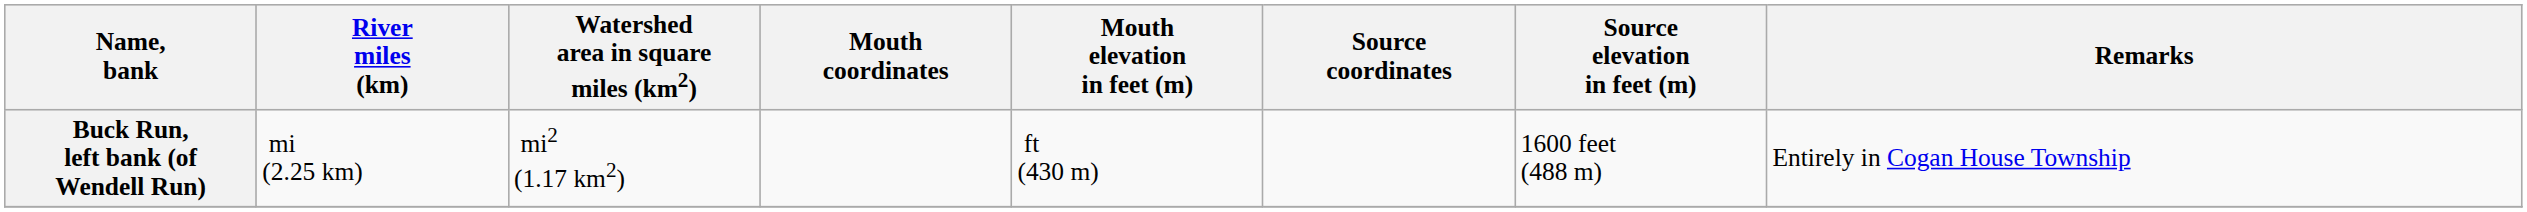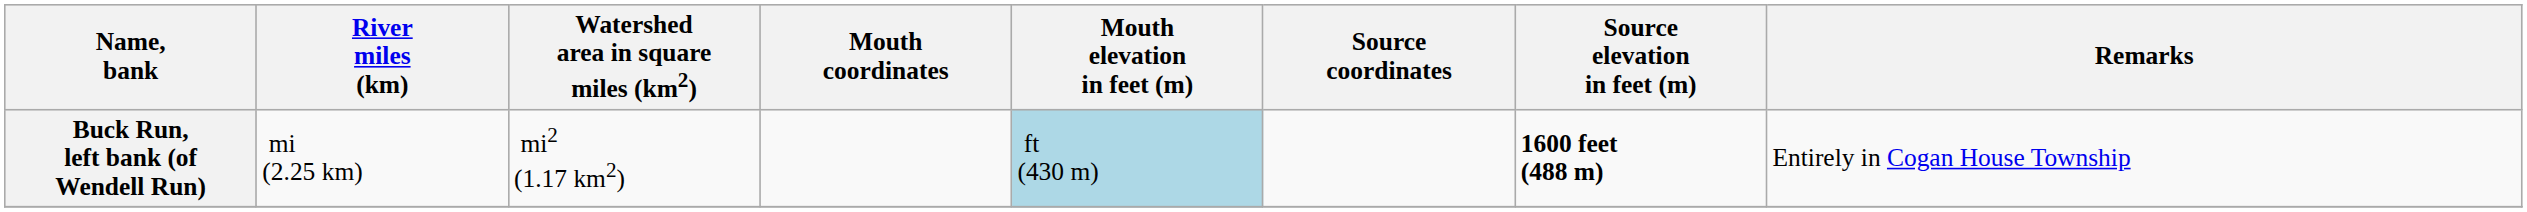 <table class="wikitable" style="width:100%">
 <tr>
 <th width=10% scope="col">Name,<br> bank</th>
 <th width=10% scope="col"><a href='#'>River<br> miles</a><br> (km)</th>
 <th width=10% scope="col">Watershed<br>area in square<br> miles (km<sup>2</sup>)</th>
 <th width=10% scope="col">Mouth<br> coordinates</th>
 <th width=10% scope="col">Mouth<br> elevation<br> in feet (m)</th>
 <th width=10% scope="col">Source<br> coordinates</th>
 <th width=10% scope="col">Source<br> elevation<br> in feet (m)</th>
 <th width=30% scope="col">Remarks</th>
 </tr>
 <tr ->
 <th scope="row" width=10%>Buck Run,<br>left bank (of <br>Wendell Run)</th>
 <td> mi<br> (2.25 km)</td>
 <td> mi<sup>2</sup><br> (1.17 km<sup>2</sup>)</td>
 <td></td>
-<td> ft<br> (430 m)</td>
+<td style="background: lightblue;"> ft<br> (430 m)</td>
 <td></td>
-<td>1600 feet<br>(488 m)</td>
+<td><strong>1600 feet<br>(488 m)</strong></td>
 <td>Entirely in <a href='#'>Cogan House Township</a></td>
 </tr>
 <tr ->
 </tr>
 </table>
